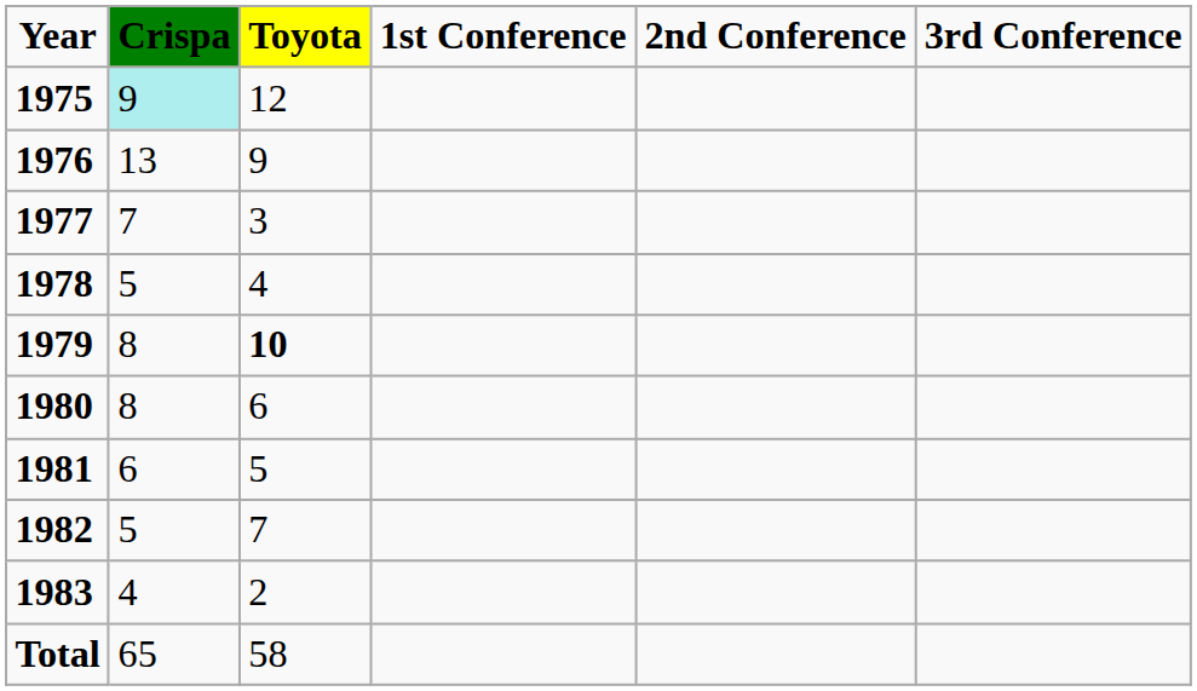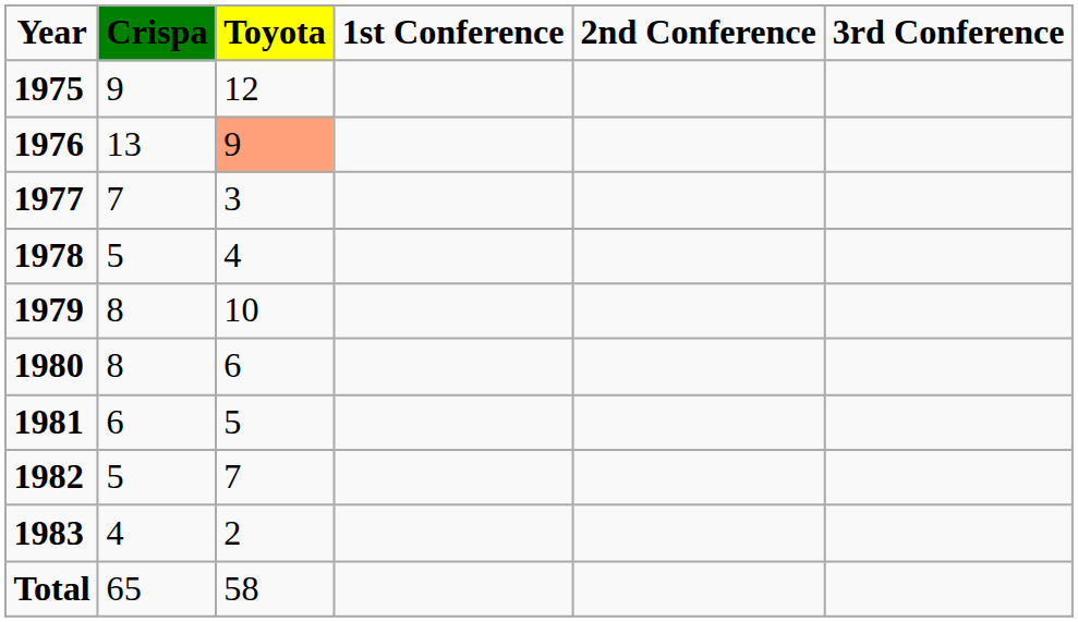 <table class=wikitable sortable>
 <tr align=center>
 <td><strong>Year</strong></td>
 <td bgcolor=green><span><strong>Crispa</strong></span></td>
 <td bgcolor=yellow><span><strong>Toyota</strong></span></td>
 <td><strong>1st Conference</strong></td>
 <td><strong>2nd Conference</strong></td>
 <td><strong>3rd Conference</strong></td>
 </tr>
 <tr>
 <td><strong>1975</strong></td>
-<td style="background: paleturquoise;">9</td>
+<td>9</td>
 <td>12</td>
 <td><br></td>
 <td><br></td>
 <td><br></td>
 </tr>
 <tr>
 <td><strong>1976</strong></td>
 <td>13</td>
-<td>9</td>
+<td style="background: lightsalmon;">9</td>
 <td><br></td>
 <td><br></td>
 <td><br></td>
 </tr>
 <tr>
 <td><strong>1977</strong></td>
 <td>7</td>
 <td>3</td>
 <td><br></td>
 <td><br></td>
 <td><br></td>
 </tr>
 <tr>
 <td><strong>1978</strong></td>
 <td>5</td>
 <td>4</td>
 <td><br></td>
 <td><br></td>
 <td><br></td>
 </tr>
 <tr>
 <td><strong>1979</strong></td>
 <td>8</td>
-<td><strong>10</strong></td>
+<td>10</td>
 <td><br></td>
 <td><br></td>
 <td><br></td>
 </tr>
 <tr>
 <td><strong>1980</strong></td>
 <td>8</td>
 <td>6</td>
 <td><br></td>
 <td><br></td>
 <td><br></td>
 </tr>
 <tr>
 <td><strong>1981</strong></td>
 <td>6</td>
 <td>5</td>
 <td><br></td>
 <td><br></td>
 <td></td>
 </tr>
 <tr>
 <td><strong>1982</strong></td>
 <td>5</td>
 <td>7</td>
 <td><br></td>
 <td><br></td>
 <td><br></td>
 </tr>
 <tr>
 <td><strong>1983</strong></td>
 <td>4</td>
 <td>2</td>
 <td><br></td>
 <td><br></td>
 <td><br></td>
 </tr>
 <tr>
 <td><strong>Total</strong></td>
 <td>65</td>
 <td>58</td>
 <td></td>
 <td></td>
 <td></td>
 </tr>
 </table>
